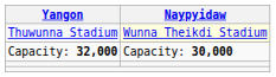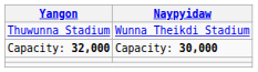 <table class="wikitable">
 <tr>
 <th><a href='#'>Yangon</a></th>
 <th><a href='#'>Naypyidaw</a></th>
 </tr>
 <tr>
 <td><a href='#'>Thuwunna Stadium</a></td>
-<td style="background: lightyellow;"><a href='#'>Wunna Theikdi Stadium</a></td>
+<td><a href='#'>Wunna Theikdi Stadium</a></td>
 </tr>
 <tr>
 <td>Capacity: <strong>32,000</strong></td>
 <td>Capacity: <strong>30,000</strong></td>
 </tr>
 <tr>
 <td></td>
 <td></td>
 </tr>
 <tr>
 <td rowspan=4 colspan=2></td>
 </tr>
 </table>
